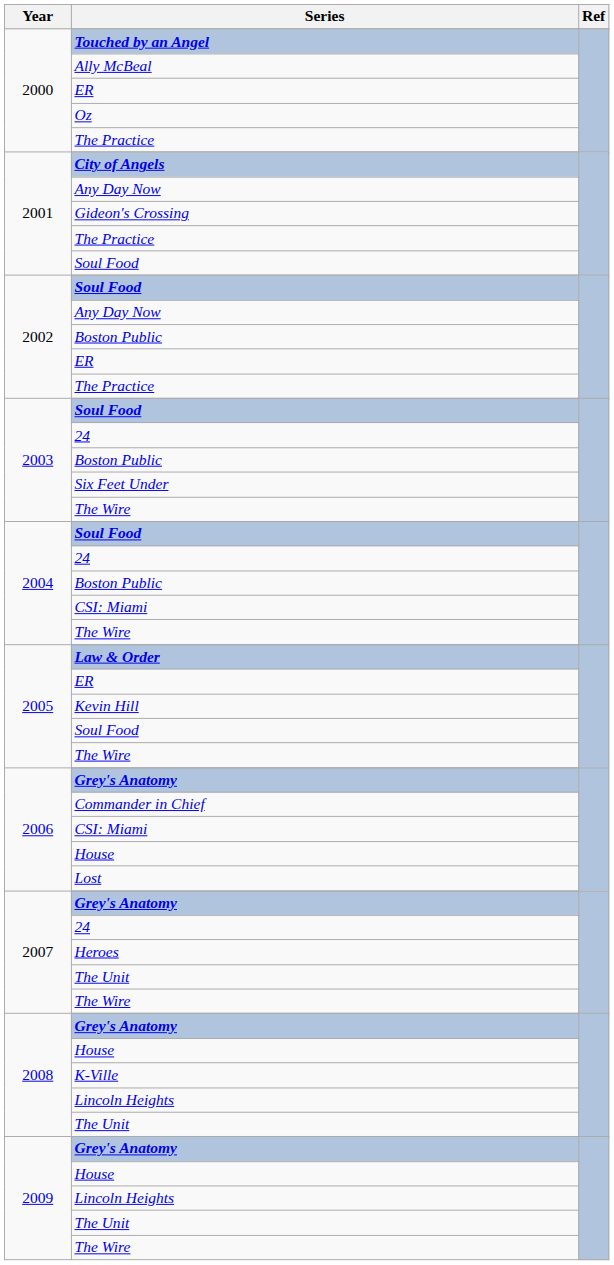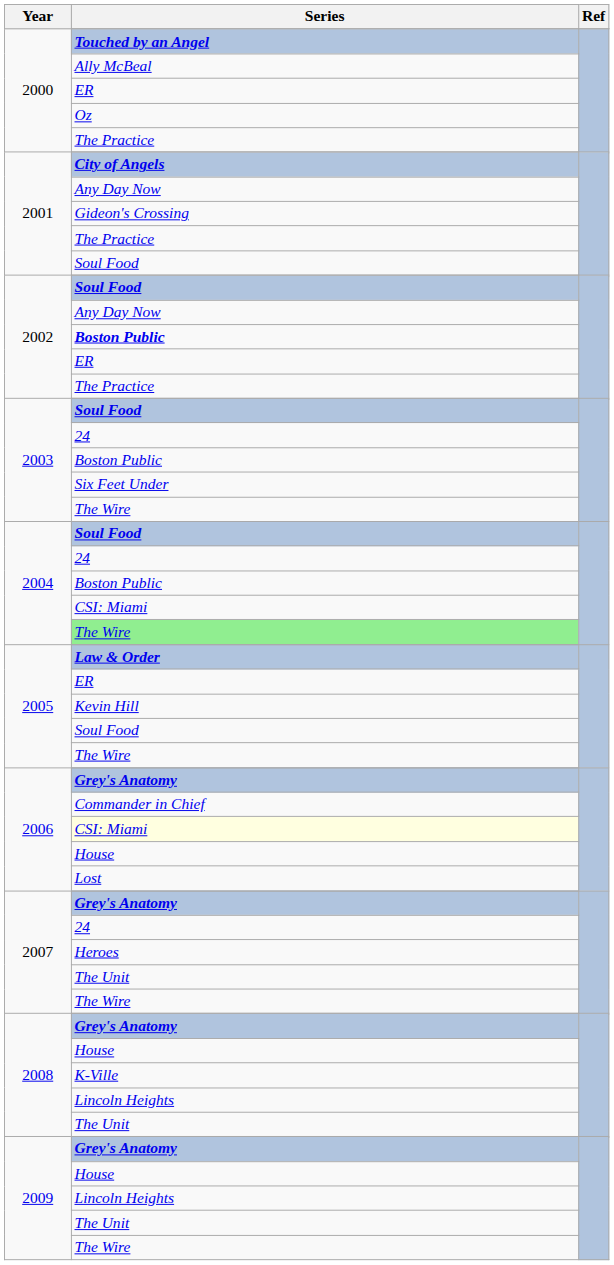 <table class="wikitable" style="width:100%;">
 <tr style="background:#bebebe;">
 <th style="width:11%;">Year</th>
 <th style="width:84%;">Series</th>
 <th style="width:5%;">Ref</th>
 </tr>
 <tr>
 <td rowspan="6" align="center">2000</td>
 </tr>
 <tr style="background:#B0C4DE">
 <td><strong><em><a href='#'>Touched by an Angel</a></em></strong></td>
 <td rowspan="6" align="center"></td>
 </tr>
 <tr>
 <td><em><a href='#'>Ally McBeal</a></em></td>
 </tr>
 <tr>
 <td><em><a href='#'>ER</a></em></td>
 </tr>
 <tr>
 <td><em><a href='#'>Oz</a></em></td>
 </tr>
 <tr>
 <td><em><a href='#'>The Practice</a></em></td>
 </tr>
 <tr>
 <td rowspan="6" align="center">2001</td>
 </tr>
 <tr style="background:#B0C4DE">
 <td><strong><em><a href='#'>City of Angels</a></em></strong></td>
 <td rowspan="6" align="center"></td>
 </tr>
 <tr>
 <td><em><a href='#'>Any Day Now</a></em></td>
 </tr>
 <tr>
 <td><em><a href='#'>Gideon's Crossing</a></em></td>
 </tr>
 <tr>
 <td><em><a href='#'>The Practice</a></em></td>
 </tr>
 <tr>
 <td><em><a href='#'>Soul Food</a></em></td>
 </tr>
 <tr>
 <td rowspan="6" align="center">2002</td>
 </tr>
 <tr style="background:#B0C4DE">
 <td><strong><em><a href='#'>Soul Food</a></em></strong></td>
 <td rowspan="6" align="center"></td>
 </tr>
 <tr>
 <td><em><a href='#'>Any Day Now</a></em></td>
 </tr>
 <tr>
-<td><em><a href='#'>Boston Public</a></em></td>
+<td><strong><em><a href='#'>Boston Public</a></em></strong></td>
 </tr>
 <tr>
 <td><em><a href='#'>ER</a></em></td>
 </tr>
 <tr>
 <td><em><a href='#'>The Practice</a></em></td>
 </tr>
 <tr>
 <td rowspan="6" align="center"><a href='#'>2003</a></td>
 </tr>
 <tr style="background:#B0C4DE">
 <td><strong><em><a href='#'>Soul Food</a></em></strong></td>
 <td rowspan="6" align="center"></td>
 </tr>
 <tr>
 <td><em><a href='#'>24</a></em></td>
 </tr>
 <tr>
 <td><em><a href='#'>Boston Public</a></em></td>
 </tr>
 <tr>
 <td><em><a href='#'>Six Feet Under</a></em></td>
 </tr>
 <tr>
 <td><em><a href='#'>The Wire</a></em></td>
 </tr>
 <tr>
 <td rowspan="6" align="center"><a href='#'>2004</a></td>
 </tr>
 <tr style="background:#B0C4DE">
 <td><strong><em><a href='#'>Soul Food</a></em></strong></td>
 <td rowspan="6" align="center"></td>
 </tr>
 <tr>
 <td><em><a href='#'>24</a></em></td>
 </tr>
 <tr>
 <td><em><a href='#'>Boston Public</a></em></td>
 </tr>
 <tr>
 <td><em><a href='#'>CSI: Miami</a></em></td>
 </tr>
 <tr>
-<td><em><a href='#'>The Wire</a></em></td>
+<td style="background: lightgreen;"><em><a href='#'>The Wire</a></em></td>
 </tr>
 <tr>
 <td rowspan="6" align="center"><a href='#'>2005</a></td>
 </tr>
 <tr style="background:#B0C4DE">
 <td><strong><em><a href='#'>Law & Order</a></em></strong></td>
 <td rowspan="6" align="center"></td>
 </tr>
 <tr>
 <td><em><a href='#'>ER</a></em></td>
 </tr>
 <tr>
 <td><em><a href='#'>Kevin Hill</a></em></td>
 </tr>
 <tr>
 <td><em><a href='#'>Soul Food</a></em></td>
 </tr>
 <tr>
 <td><em><a href='#'>The Wire</a></em></td>
 </tr>
 <tr>
 <td rowspan="6" align="center"><a href='#'>2006</a></td>
 </tr>
 <tr style="background:#B0C4DE">
 <td><strong><em><a href='#'>Grey's Anatomy</a></em></strong></td>
 <td rowspan="6" align="center"></td>
 </tr>
 <tr>
 <td><em><a href='#'>Commander in Chief</a></em></td>
 </tr>
 <tr>
-<td><em><a href='#'>CSI: Miami</a></em></td>
+<td style="background: lightyellow;"><em><a href='#'>CSI: Miami</a></em></td>
 </tr>
 <tr>
 <td><em><a href='#'>House</a></em></td>
 </tr>
 <tr>
 <td><em><a href='#'>Lost</a></em></td>
 </tr>
 <tr>
 <td rowspan="6" align="center">2007</td>
 </tr>
 <tr style="background:#B0C4DE">
 <td><strong><em><a href='#'>Grey's Anatomy</a></em></strong></td>
 <td rowspan="6" align="center"></td>
 </tr>
 <tr>
 <td><em><a href='#'>24</a></em></td>
 </tr>
 <tr>
 <td><em><a href='#'>Heroes</a></em></td>
 </tr>
 <tr>
 <td><em><a href='#'>The Unit</a></em></td>
 </tr>
 <tr>
 <td><em><a href='#'>The Wire</a></em></td>
 </tr>
 <tr>
 <td rowspan="6" align="center"><a href='#'>2008</a></td>
 </tr>
 <tr style="background:#B0C4DE">
 <td><strong><em><a href='#'>Grey's Anatomy</a></em></strong></td>
 <td rowspan="6" align="center"></td>
 </tr>
 <tr>
 <td><em><a href='#'>House</a></em></td>
 </tr>
 <tr>
 <td><em><a href='#'>K-Ville</a></em></td>
 </tr>
 <tr>
 <td><em><a href='#'>Lincoln Heights</a></em></td>
 </tr>
 <tr>
 <td><em><a href='#'>The Unit</a></em></td>
 </tr>
 <tr>
 <td rowspan="6" align="center"><a href='#'>2009</a></td>
 </tr>
 <tr style="background:#B0C4DE">
 <td><strong><em><a href='#'>Grey's Anatomy</a></em></strong></td>
 <td rowspan="6" align="center"></td>
 </tr>
 <tr>
 <td><em><a href='#'>House</a></em></td>
 </tr>
 <tr>
 <td><em><a href='#'>Lincoln Heights</a></em></td>
 </tr>
 <tr>
 <td><em><a href='#'>The Unit</a></em></td>
 </tr>
 <tr>
 <td><em><a href='#'>The Wire</a></em></td>
 </tr>
 </table>
